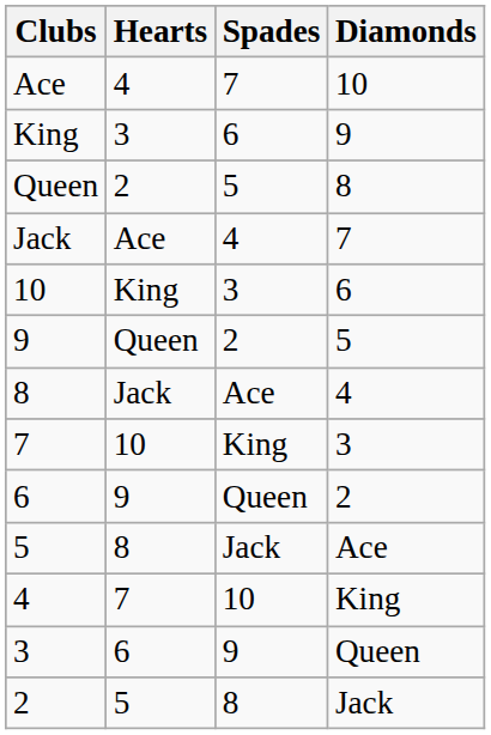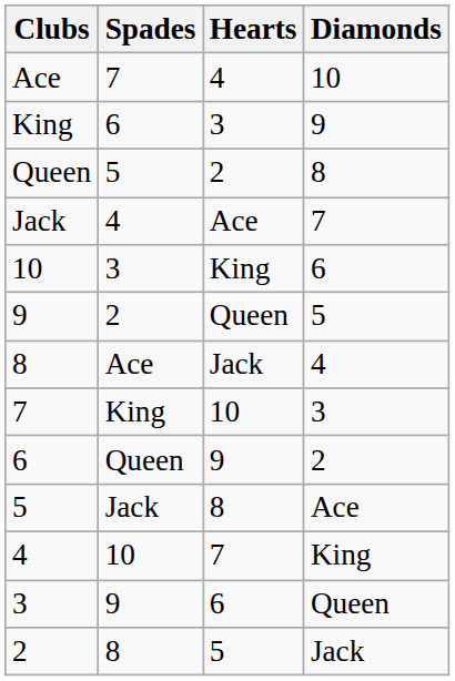 <table class="wikitable">
 <tr>
 <th>Clubs</th>
+<th>Spades</th>
 <th>Hearts</th>
-<th>Spades</th>
 <th>Diamonds</th>
 </tr>
 <tr>
 <td>Ace</td>
+<td>7</td>
 <td>4</td>
-<td>7</td>
 <td>10</td>
 </tr>
 <tr>
 <td>King</td>
+<td>6</td>
 <td>3</td>
-<td>6</td>
 <td>9</td>
 </tr>
 <tr>
 <td>Queen</td>
+<td>5</td>
 <td>2</td>
-<td>5</td>
 <td>8</td>
 </tr>
 <tr>
 <td>Jack</td>
+<td>4</td>
 <td>Ace</td>
-<td>4</td>
 <td>7</td>
 </tr>
 <tr>
 <td>10</td>
+<td>3</td>
 <td>King</td>
-<td>3</td>
 <td>6</td>
 </tr>
 <tr>
 <td>9</td>
+<td>2</td>
 <td>Queen</td>
-<td>2</td>
 <td>5</td>
 </tr>
 <tr>
 <td>8</td>
+<td>Ace</td>
 <td>Jack</td>
-<td>Ace</td>
 <td>4</td>
 </tr>
 <tr>
 <td>7</td>
+<td>King</td>
 <td>10</td>
-<td>King</td>
 <td>3</td>
 </tr>
 <tr>
 <td>6</td>
+<td>Queen</td>
 <td>9</td>
-<td>Queen</td>
 <td>2</td>
 </tr>
 <tr>
 <td>5</td>
+<td>Jack</td>
 <td>8</td>
-<td>Jack</td>
 <td>Ace</td>
 </tr>
 <tr>
 <td>4</td>
+<td>10</td>
 <td>7</td>
-<td>10</td>
 <td>King</td>
 </tr>
 <tr>
 <td>3</td>
+<td>9</td>
 <td>6</td>
-<td>9</td>
 <td>Queen</td>
 </tr>
 <tr>
 <td>2</td>
+<td>8</td>
 <td>5</td>
-<td>8</td>
 <td>Jack</td>
 </tr>
 </table>
